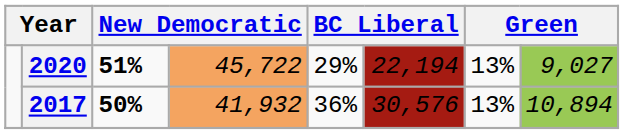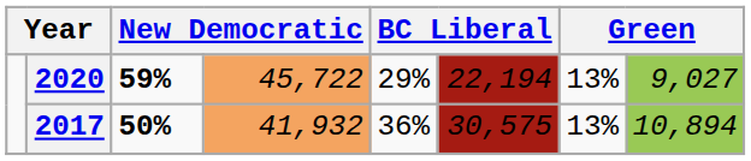 <table class="wikitable" style="float:right; width:400; font-size:90%; margin-left:1em;">
 <tr>
 <th colspan="2" scope="col">Year</th>
 <th colspan="2" scope="col"><a href='#'>New Democratic</a></th>
 <th colspan="2" scope="col"><a href='#'>BC Liberal</a></th>
 <th colspan="2" scope="col"><a href='#'>Green</a></th>
 </tr>
 <tr>
 <td rowspan="2" style="width: 0.25em; background-color: "></td>
 <th><a href='#'>2020</a></th>
-<td><strong>51%</strong></td>
+<td><strong>59%</strong></td>
 <td style="text-align:right; background:#F4A460;"><em>45,722</em></td>
 <td><span> 29%</span></td>
 <td style="text-align:right; background:#A51B12;"><span> <em>22,194</em></span></td>
 <td>13%</td>
 <td style="text-align:right; background:#99C955;"><em>9,027</em></td>
 </tr>
 <tr>
 <th><a href='#'>2017</a></th>
 <td><strong>50%</strong></td>
 <td style="text-align:right; background:#F4A460;"><em>41,932</em></td>
 <td><span> 36%</span></td>
-<td style="text-align:right; background:#A51B12;"><span> <em>30,576</em></span></td>
+<td style="text-align:right; background:#A51B12;"><span> <em>30,575</em></span></td>
 <td>13%</td>
 <td style="text-align:right; background:#99C955;"><em>10,894</em></td>
 </tr>
 <tr>
 </tr>
 </table>
